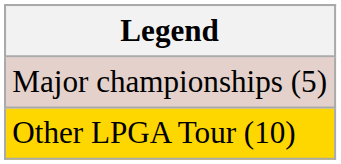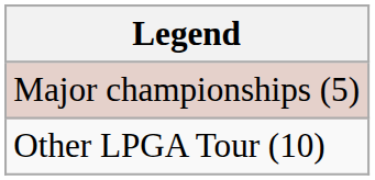 <table class="wikitable" style="font-size:95%;">
 <tr>
 <th>Legend</th>
 </tr>
 <tr style="background:#e5d1cb;">
 <td>Major championships (5)</td>
 </tr>
 <tr>
-<td style="background: gold;">Other LPGA Tour (10)</td>
+<td>Other LPGA Tour (10)</td>
 </tr>
 </table>
